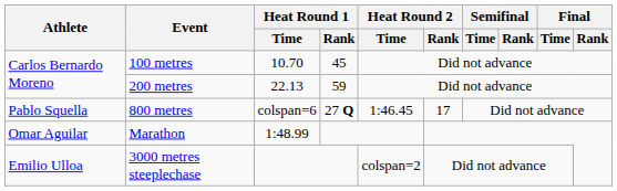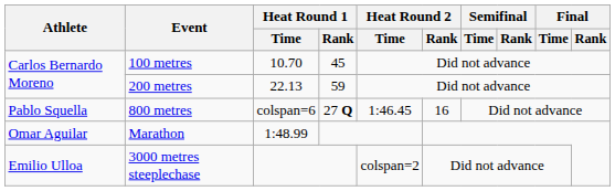 <table class=wikitable style="font-size:90%; text-align:center">
 <tr>
 <th rowspan=2>Athlete</th>
 <th rowspan=2>Event</th>
 <th colspan=2>Heat Round 1</th>
 <th colspan=2>Heat Round 2</th>
 <th colspan=2>Semifinal</th>
 <th colspan=2>Final</th>
 </tr>
 <tr style=font-size:95%>
 <th>Time</th>
 <th>Rank</th>
 <th>Time</th>
 <th>Rank</th>
 <th>Time</th>
 <th>Rank</th>
 <th>Time</th>
 <th>Rank</th>
 </tr>
 <tr align=center>
 <td align=left rowspan=2><a href='#'>Carlos Bernardo Moreno</a></td>
 <td align=left><a href='#'>100 metres</a></td>
 <td>10.70</td>
 <td>45</td>
 <td colspan=6>Did not advance</td>
 </tr>
 <tr align=center>
 <td align=left><a href='#'>200 metres</a></td>
 <td>22.13</td>
 <td>59</td>
 <td colspan=6>Did not advance</td>
 </tr>
 <tr align=center>
 <td align=left><a href='#'>Pablo Squella</a></td>
 <td align=left><a href='#'>800 metres</a></td>
 <td>colspan=6</td>
 <td>27 <strong>Q</strong></td>
 <td>1:46.45</td>
-<td>17</td>
+<td>16</td>
 <td colspan=4>Did not advance</td>
 </tr>
 <tr align=center>
 <td align=left><a href='#'>Omar Aguilar</a></td>
 <td align=left><a href='#'>Marathon</a></td>
 <td>1:48.99</td>
 <td colspan=2></td>
 </tr>
 <tr align=center>
 <td align=left><a href='#'>Emilio Ulloa</a></td>
 <td align=left><a href='#'>3000 metres steeplechase</a></td>
 <td colspan=2></td>
 <td>colspan=2</td>
 <td colspan=4>Did not advance</td>
 </tr>
 </table>
